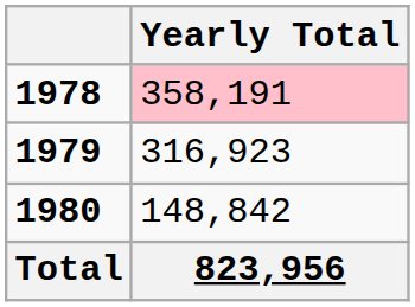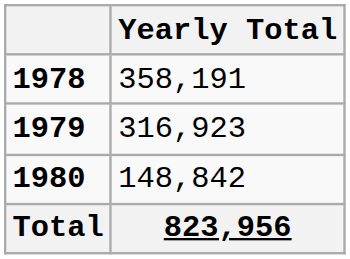 <table class="wikitable">
 <tr>
 <th></th>
 <th>Yearly Total</th>
 </tr>
 <tr>
 <td><strong>1978</strong></td>
-<td style="background: pink;">358,191</td>
+<td>358,191</td>
 </tr>
 <tr>
 <td><strong>1979</strong></td>
 <td>316,923</td>
 </tr>
 <tr>
 <td><strong>1980</strong></td>
 <td>148,842</td>
 </tr>
 <tr>
 <th>Total</th>
 <th><u>823,956</u></th>
 </tr>
 </table>
